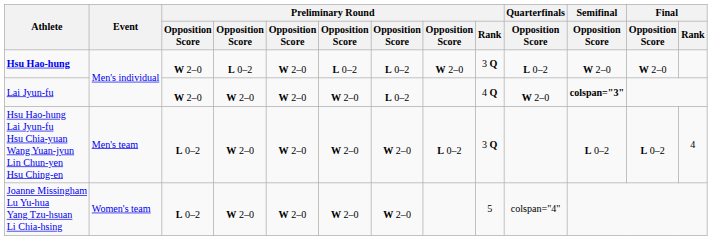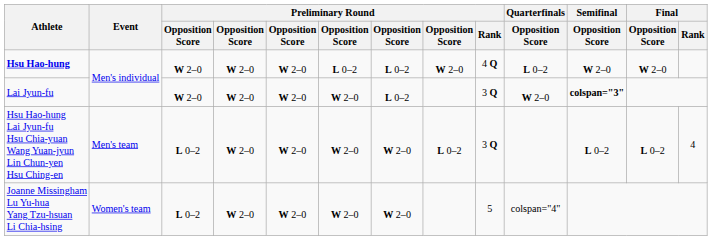 <table class=wikitable style=font-size:90%;text-align:center>
 <tr>
 <th rowspan="2">Athlete</th>
 <th rowspan="2">Event</th>
 <th colspan="7">Preliminary Round</th>
 <th>Quarterfinals</th>
 <th>Semifinal</th>
 <th colspan="2">Final</th>
 </tr>
 <tr>
 <th>Opposition<br>Score</th>
 <th>Opposition<br>Score</th>
 <th>Opposition<br>Score</th>
 <th>Opposition<br>Score</th>
 <th>Opposition<br>Score</th>
 <th>Opposition<br>Score</th>
 <th>Rank</th>
 <th>Opposition<br>Score</th>
 <th>Opposition<br>Score</th>
 <th>Opposition<br>Score</th>
 <th>Rank</th>
 </tr>
 <tr>
 <td align="left"><strong><a href='#'>Hsu Hao-hung</a></strong></td>
 <td align="left" rowspan="2"><a href='#'>Men's individual</a></td>
 <td><br><strong>W</strong> 2–0</td>
-<td><br><strong>L</strong> 0–2</td>
+<td><br><strong>W</strong> 2–0</td>
 <td><br><strong>W</strong> 2–0</td>
 <td><br><strong>L</strong> 0–2</td>
 <td><br><strong>L</strong> 0–2</td>
 <td><br><strong>W</strong> 2–0</td>
-<td>3 <strong>Q</strong></td>
+<td>4 <strong>Q</strong></td>
 <td><br><strong>L</strong> 0–2</td>
 <td><br><strong>W</strong> 2–0</td>
 <td><br><strong>W</strong> 2–0</td>
 <td></td>
 </tr>
 <tr>
 <td align="left"><a href='#'>Lai Jyun-fu</a></td>
 <td><br><strong>W</strong> 2–0</td>
 <td><br><strong>W</strong> 2–0</td>
 <td><br><strong>W</strong> 2–0</td>
 <td><br><strong>W</strong> 2–0</td>
 <td><br><strong>L</strong> 0–2</td>
 <td></td>
-<td>4 <strong>Q</strong></td>
+<td>3 <strong>Q</strong></td>
 <td><br><strong>W</strong> 2–0</td>
 <td><strong>colspan="3" </strong></td>
 </tr>
 <tr>
 <td align="left"><a href='#'>Hsu Hao-hung</a><br><a href='#'>Lai Jyun-fu</a><br><a href='#'>Hsu Chia-yuan</a><br><a href='#'>Wang Yuan-jyun</a><br><a href='#'>Lin Chun-yen</a><br><a href='#'>Hsu Ching-en</a></td>
 <td align="left"><a href='#'>Men's team</a></td>
 <td><br><strong>L</strong> 0–2</td>
 <td><br><strong>W</strong> 2–0</td>
 <td><br><strong>W</strong> 2–0</td>
 <td><br><strong>W</strong> 2–0</td>
 <td><br><strong>W</strong> 2–0</td>
 <td><br><strong>L</strong> 0–2</td>
 <td>3 <strong>Q</strong></td>
 <td></td>
 <td><br><strong>L</strong> 0–2</td>
 <td><br><strong>L</strong> 0–2</td>
 <td>4</td>
 </tr>
 <tr>
 <td align="left"><a href='#'>Joanne Missingham</a><br><a href='#'>Lu Yu-hua</a><br><a href='#'>Yang Tzu-hsuan</a><br><a href='#'>Li Chia-hsing</a></td>
 <td align="left" rowspan="2"><a href='#'>Women's team</a></td>
 <td><br><strong>L</strong> 0–2</td>
 <td><br><strong>W</strong> 2–0</td>
 <td><br><strong>W</strong> 2–0</td>
 <td><br><strong>W</strong> 2–0</td>
 <td><br><strong>W</strong> 2–0</td>
 <td></td>
 <td>5</td>
 <td>colspan="4" </td>
 </tr>
 </table>
